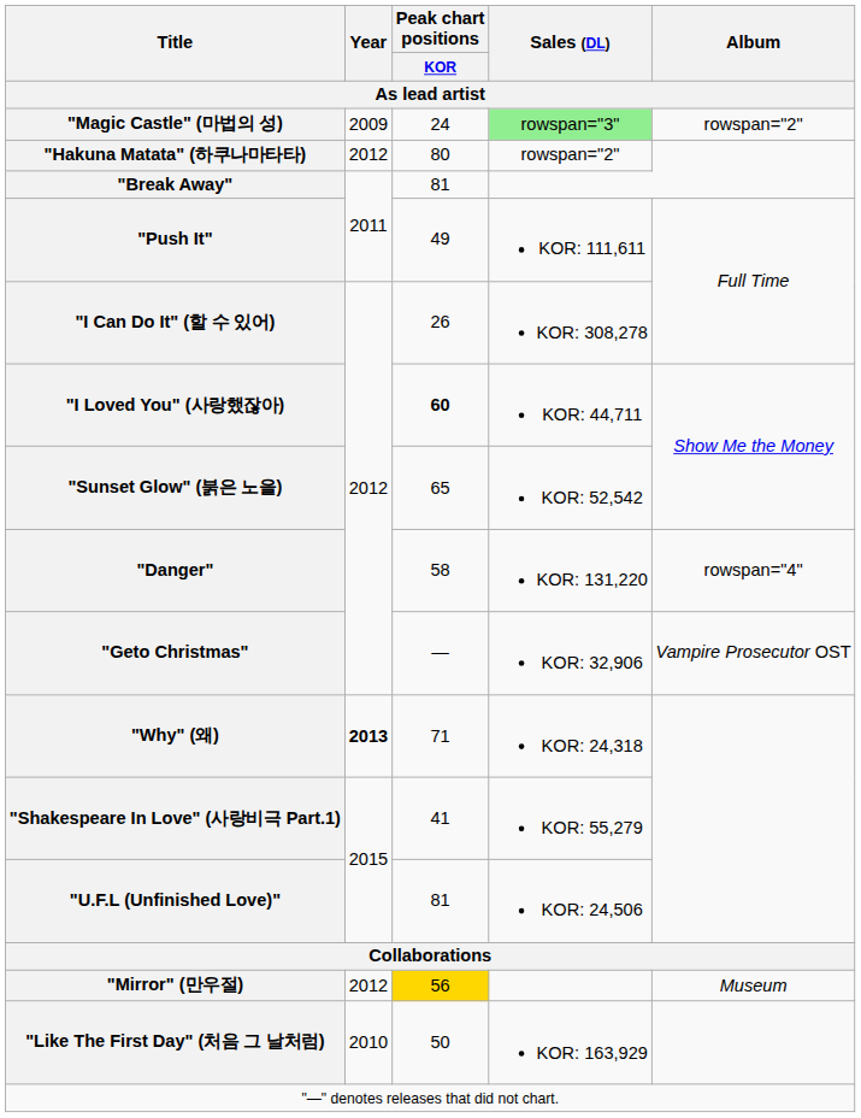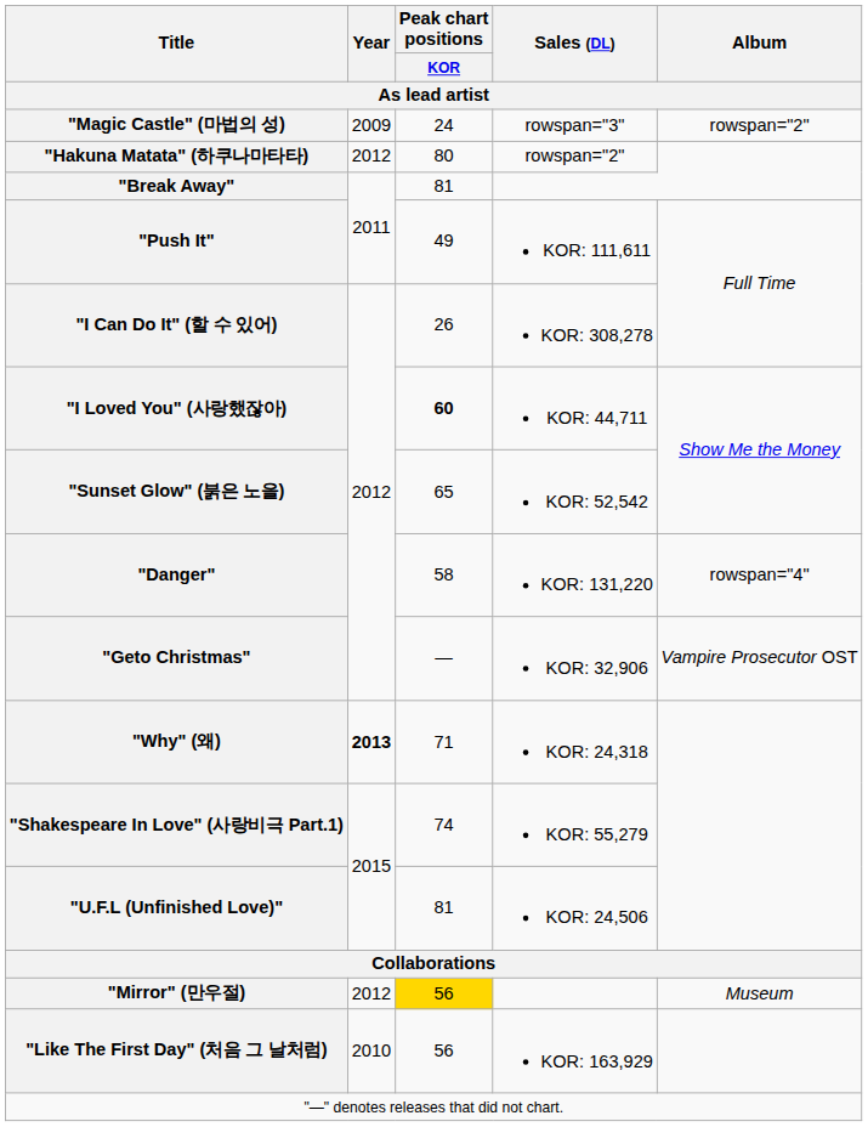 <table class="wikitable plainrowheaders" style="text-align:center;">
 <tr>
 <th scope="col" rowspan="2">Title</th>
 <th scope="col" rowspan="2">Year</th>
 <th scope="col" colspan="1">Peak chart <br> positions</th>
 <th scope="col" rowspan="2">Sales <small>(<a href='#'>DL</a>)</small></th>
 <th scope="col" rowspan="2">Album</th>
 </tr>
 <tr>
 <th><small><a href='#'>KOR</a></small><br></th>
 </tr>
 <tr>
 <th scope="col" colspan="5">As lead artist</th>
 </tr>
 <tr>
 <th scope="row">"Magic Castle" (마법의 성)</th>
 <td>2009</td>
 <td>24</td>
-<td style="background: lightgreen;">rowspan="3" </td>
+<td>rowspan="3" </td>
 <td>rowspan="2" </td>
 </tr>
 <tr>
 <th scope="row">"Hakuna Matata" (하쿠나마타타)</th>
 <td>2012</td>
 <td>80</td>
 <td>rowspan="2" </td>
 </tr>
 <tr>
 <th scope="row">"Break Away"<br></th>
 <td rowspan="2">2011</td>
 <td>81</td>
 </tr>
 <tr>
 <th scope="row">"Push It"<br></th>
 <td>49</td>
 <td><br><ul><li>KOR: 111,611</li></ul></td>
 <td rowspan="2"><em>Full Time</em></td>
 </tr>
 <tr>
 <th scope="row">"I Can Do It" (할 수 있어)<br></th>
 <td rowspan="5">2012</td>
 <td>26</td>
 <td><br><ul><li>KOR: 308,278</li></ul></td>
 </tr>
 <tr>
 <th scope="row">"I Loved You" (사랑했잖아)<br></th>
 <td><strong>60</strong></td>
 <td><br><ul><li>KOR: 44,711</li></ul></td>
 <td rowspan="2"><em><a href='#'>Show Me the Money</a></em></td>
 </tr>
 <tr>
 <th scope="row">"Sunset Glow" (붉은 노을)<br></th>
 <td>65</td>
 <td><br><ul><li>KOR: 52,542</li></ul></td>
 </tr>
 <tr>
 <th scope="row">"Danger"</th>
 <td>58</td>
 <td><br><ul><li>KOR: 131,220</li></ul></td>
 <td>rowspan="4" </td>
 </tr>
 <tr>
 <th scope="row">"Geto Christmas"<br></th>
 <td>—</td>
 <td><br><ul><li>KOR: 32,906</li></ul></td>
 <td><em>Vampire Prosecutor</em> OST</td>
 </tr>
 <tr>
 <th scope="row">"Why" (왜)<br></th>
 <td><strong>2013</strong></td>
 <td>71</td>
 <td><br><ul><li>KOR: 24,318</li></ul></td>
 </tr>
 <tr>
 <th scope="row">"Shakespeare In Love" (사랑비극 Part.1)<br></th>
 <td rowspan="2">2015</td>
-<td>41</td>
+<td>74</td>
 <td><br><ul><li>KOR: 55,279</li></ul></td>
 </tr>
 <tr>
 <th scope="row">"U.F.L (Unfinished Love)"<br></th>
 <td>81</td>
 <td><br><ul><li>KOR: 24,506</li></ul></td>
 </tr>
 <tr>
 <th scope="col" colspan="5">Collaborations</th>
 </tr>
 <tr>
 <th scope="row">"Mirror" (만우절)<br></th>
 <td>2012</td>
 <td style="background: gold;">56</td>
 <td></td>
 <td><em>Museum</em></td>
 </tr>
 <tr>
 <th scope="row">"Like The First Day" (처음 그 날처럼)<br></th>
 <td>2010</td>
-<td>50</td>
+<td>56</td>
 <td><br><ul><li>KOR: 163,929</li></ul></td>
 </tr>
 <tr>
 <td colspan="5" align="center"><small>"—" denotes releases that did not chart.</small></td>
 </tr>
 </table>
